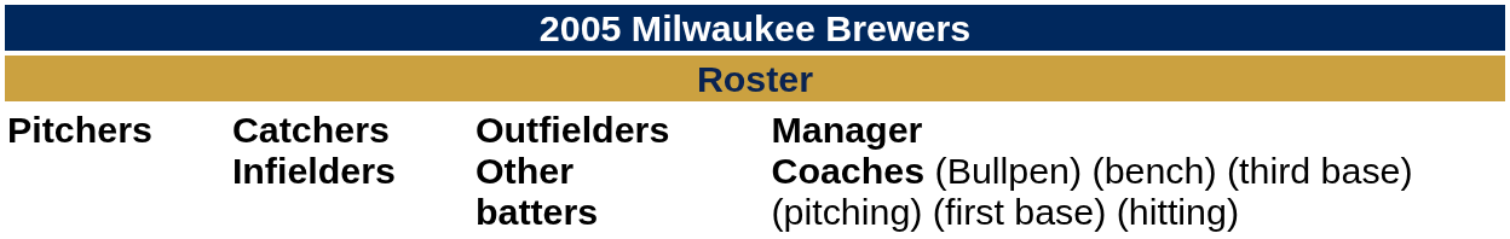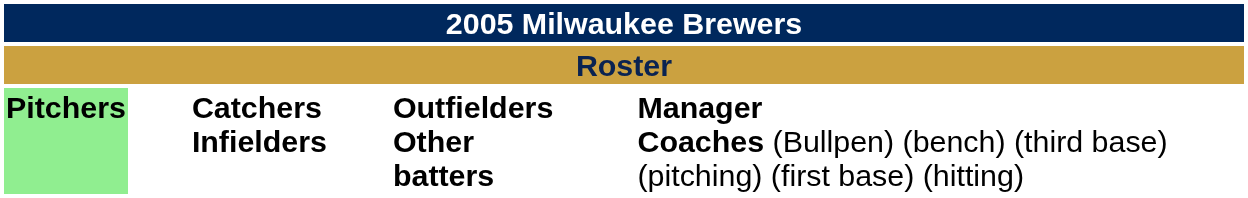 <table class="toccolours" style="font-size: 95%;">
 <tr>
 <th colspan="10" style="background:#00285D; color:white; text-align:center;">2005 Milwaukee Brewers</th>
 </tr>
 <tr>
 <td colspan=10 style="background-color: #CBA140; color: #0a2351; text-align: center;"><strong>Roster</strong></td>
 </tr>
 <tr>
-<td valign="top"><strong>Pitchers</strong><br>                  </td>
+<td valign="top" style="background: lightgreen;"><strong>Pitchers</strong><br>                  </td>
 <td width="25px"></td>
 <td valign="top"><strong>Catchers</strong><br>  <strong>Infielders</strong>          </td>
 <td width="25px"></td>
 <td valign="top"><strong>Outfielders</strong><br>       <strong>Other batters</strong> </td>
 <td width="25px"></td>
 <td valign="top"><strong>Manager</strong><br>  <strong>Coaches</strong>  (Bullpen)  (bench)  (third base)    (pitching)   (first base)  (hitting)</td>
 </tr>
 <tr>
 </tr>
 </table>
